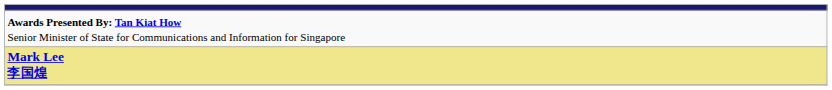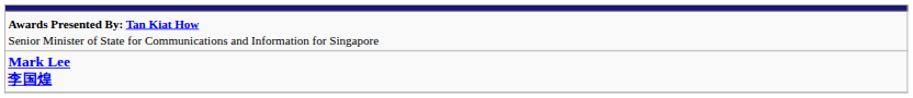 <table class="wikitable" style="width:50%">
 <tr bgcolor="#bebebe">
 <td colspan=5 data-sort-value="ω" style="background-color:#191970; font-weight:bold; text-align:center;"></td>
 </tr>
 <tr>
 <td><small><strong>Awards Presented By: <a href='#'>Tan Kiat How</a></strong> <br> Senior Minister of State for Communications and Information for Singapore</small></td>
 </tr>
 <tr>
-<td style="background: khaki;"><strong><a href='#'>Mark Lee<br>李国煌</a></strong></td>
+<td><strong><a href='#'>Mark Lee<br>李国煌</a></strong></td>
 </tr>
 <tr>
 </tr>
 </table>
